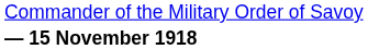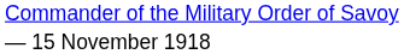 <table>
 <tr>
 <td rowspan=2 style="width:60px; vertical-align:top;"></td>
 <td><a href='#'>Commander of the Military Order of Savoy</a></td>
 </tr>
 <tr>
-<td><strong>— 15 November 1918</strong></td>
+<td>— 15 November 1918</td>
 </tr>
 </table>
